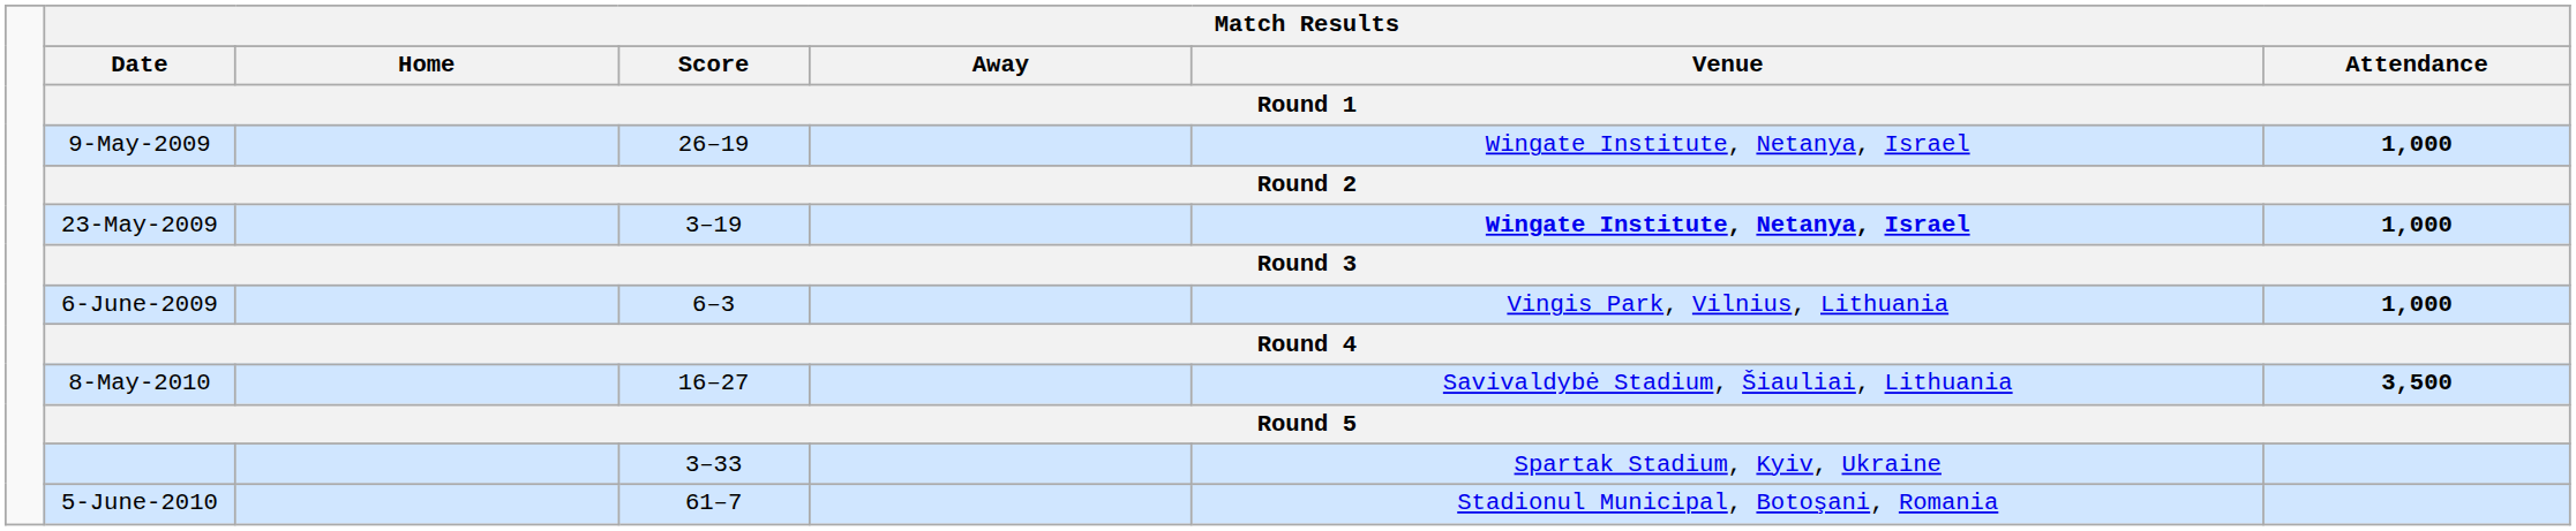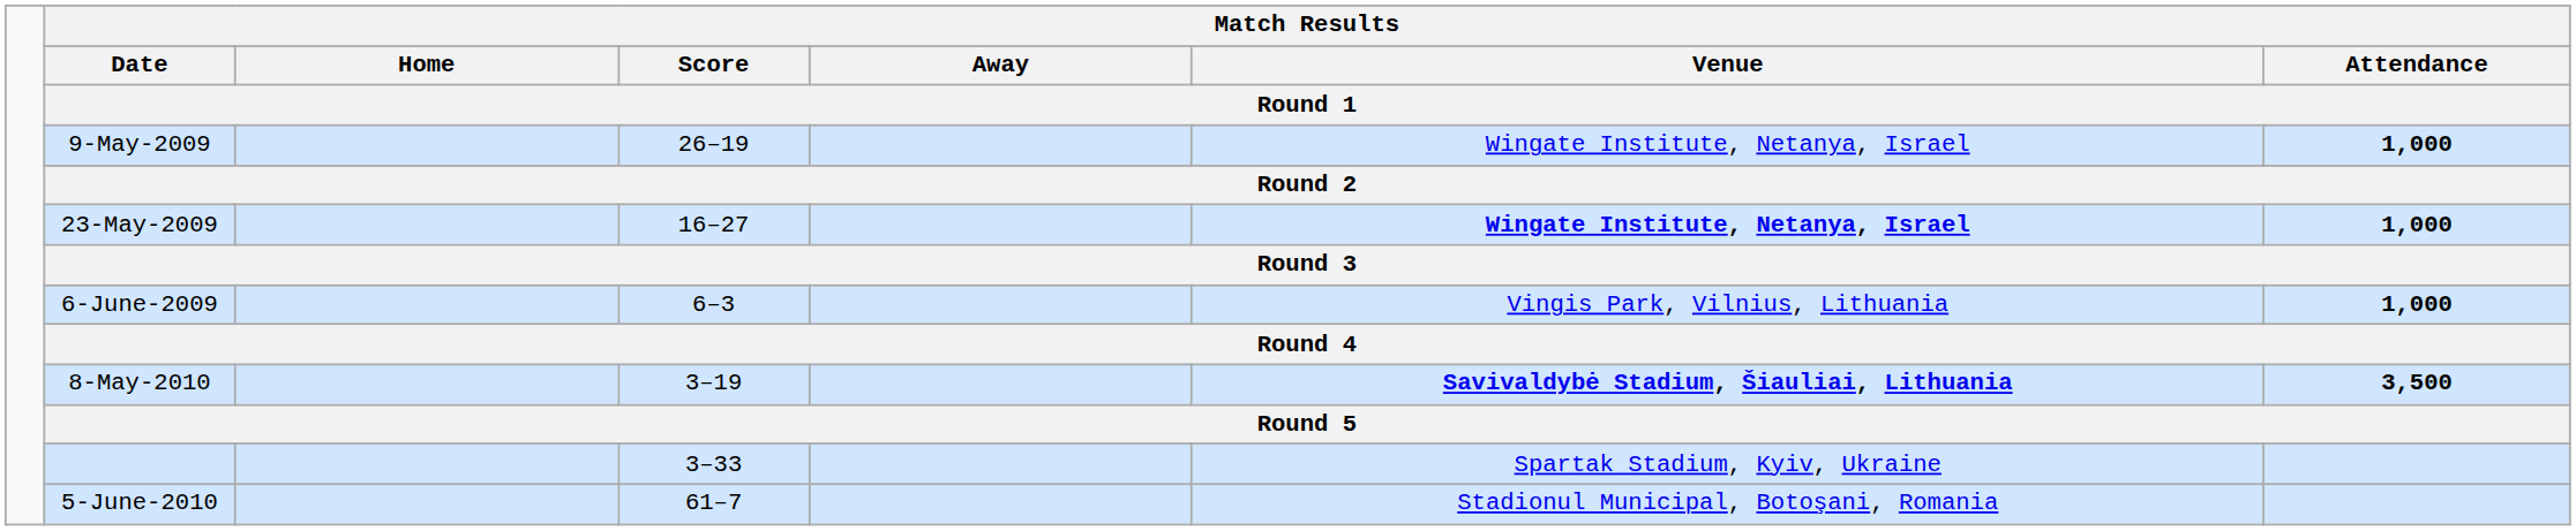 <table class="wikitable" style="font-size:90%; width: 100%; text-align: center;">
 <tr>
 <td width=1% rowspan=25></td>
 <th colspan=6>Match Results</th>
 </tr>
 <tr>
 <th width=5%>Date</th>
 <th width=10%>Home</th>
 <th width=5%>Score</th>
 <th width=10%>Away</th>
 <th width=28%>Venue</th>
 <th width=8%>Attendance</th>
 </tr>
 <tr>
 <th colspan=6>Round 1</th>
 </tr>
 <tr style="background: #D0E6FF;">
 <td>9-May-2009</td>
 <td></td>
 <td>26–19</td>
 <td></td>
 <td><a href='#'>Wingate Institute</a>, <a href='#'>Netanya</a>, <a href='#'>Israel</a></td>
 <td><strong>1,000</strong></td>
 </tr>
 <tr>
 <th colspan=6>Round 2</th>
 </tr>
 <tr style="background: #D0E6FF;">
 <td>23-May-2009</td>
 <td></td>
-<td>3–19</td>
+<td>16–27</td>
 <td></td>
 <td><strong><a href='#'>Wingate Institute</a>, <a href='#'>Netanya</a>, <a href='#'>Israel</a></strong></td>
 <td><strong>1,000</strong></td>
 </tr>
 <tr>
 <th colspan=6>Round 3</th>
 </tr>
 <tr style="background: #D0E6FF;">
 <td>6-June-2009</td>
 <td></td>
 <td>6–3</td>
 <td></td>
 <td><a href='#'>Vingis Park</a>, <a href='#'>Vilnius</a>, <a href='#'>Lithuania</a></td>
 <td><strong>1,000</strong></td>
 </tr>
 <tr>
 <th colspan=6>Round 4</th>
 </tr>
 <tr style="background: #D0E6FF;">
 <td>8-May-2010</td>
 <td></td>
-<td>16–27</td>
+<td>3–19</td>
 <td></td>
-<td><a href='#'>Savivaldybė Stadium</a>, <a href='#'>Šiauliai</a>, <a href='#'>Lithuania</a></td>
+<td><strong><a href='#'>Savivaldybė Stadium</a>, <a href='#'>Šiauliai</a>, <a href='#'>Lithuania</a></strong></td>
 <td><strong>3,500</strong></td>
 </tr>
 <tr>
 <th colspan=6>Round 5</th>
 </tr>
 <tr style="background: #D0E6FF;">
 <td></td>
 <td></td>
 <td>3–33</td>
 <td><strong></strong></td>
 <td><a href='#'>Spartak Stadium</a>, <a href='#'>Kyiv</a>, <a href='#'>Ukraine</a></td>
 <td></td>
 </tr>
 <tr style="background: #D0E6FF;">
 <td>5-June-2010</td>
 <td><strong></strong></td>
 <td>61–7</td>
 <td></td>
 <td><a href='#'>Stadionul Municipal</a>, <a href='#'>Botoşani</a>, <a href='#'>Romania</a></td>
 <td></td>
 </tr>
 </table>
